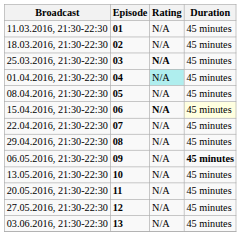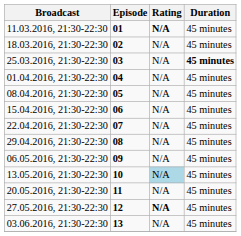 <table class="wikitable">
 <tr>
 <th>Broadcast</th>
 <th>Episode</th>
 <th>Rating</th>
 <th>Duration</th>
 </tr>
 <tr>
 <td>11.03.2016, 21:30-22:30</td>
 <td><strong>01</strong></td>
-<td>N/A</td>
+<td><strong>N/A</strong></td>
 <td>45 minutes</td>
 </tr>
 <tr>
 <td>18.03.2016, 21:30-22:30</td>
 <td><strong>02</strong></td>
 <td>N/A</td>
 <td>45 minutes</td>
 </tr>
 <tr>
 <td>25.03.2016, 21:30-22:30</td>
 <td><strong>03</strong></td>
-<td><strong>N/A</strong></td>
-<td>45 minutes</td>
+<td>N/A</td>
+<td><strong>45 minutes</strong></td>
 </tr>
 <tr>
 <td>01.04.2016, 21:30-22:30</td>
 <td><strong>04</strong></td>
-<td style="background: paleturquoise;">N/A</td>
+<td>N/A</td>
 <td>45 minutes</td>
 </tr>
 <tr>
 <td>08.04.2016, 21:30-22:30</td>
 <td><strong>05</strong></td>
 <td>N/A</td>
 <td>45 minutes</td>
 </tr>
 <tr>
 <td>15.04.2016, 21:30-22:30</td>
 <td><strong>06</strong></td>
-<td><strong>N/A</strong></td>
-<td style="background: lightyellow;">45 minutes</td>
+<td>N/A</td>
+<td>45 minutes</td>
 </tr>
 <tr>
 <td>22.04.2016, 21:30-22:30</td>
 <td><strong>07</strong></td>
 <td>N/A</td>
 <td>45 minutes</td>
 </tr>
 <tr>
 <td>29.04.2016, 21:30-22:30</td>
 <td><strong>08</strong></td>
 <td>N/A</td>
 <td>45 minutes</td>
 </tr>
 <tr>
 <td>06.05.2016, 21:30-22:30</td>
 <td><strong>09</strong></td>
 <td>N/A</td>
-<td><strong>45 minutes</strong></td>
+<td>45 minutes</td>
 </tr>
 <tr>
 <td>13.05.2016, 21:30-22:30</td>
 <td><strong>10</strong></td>
-<td>N/A</td>
+<td style="background: lightblue;">N/A</td>
 <td>45 minutes</td>
 </tr>
 <tr>
 <td>20.05.2016, 21:30-22:30</td>
 <td><strong>11</strong></td>
 <td>N/A</td>
 <td>45 minutes</td>
 </tr>
 <tr>
 <td>27.05.2016, 21:30-22:30</td>
 <td><strong>12</strong></td>
-<td>N/A</td>
+<td><strong>N/A</strong></td>
 <td>45 minutes</td>
 </tr>
 <tr>
 <td>03.06.2016, 21:30-22:30</td>
 <td><strong>13</strong></td>
 <td>N/A</td>
 <td>45 minutes</td>
 </tr>
 <tr>
 </tr>
 </table>
